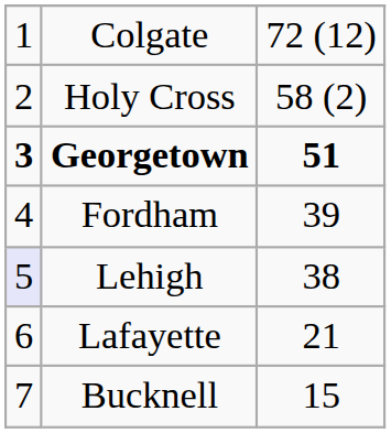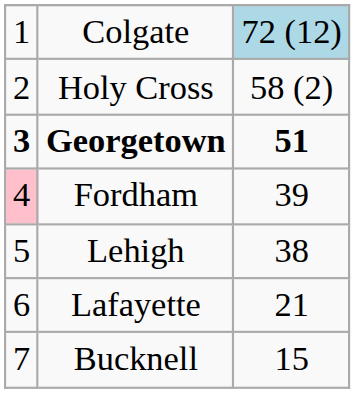 <table class="wikitable">
 <tr align="center">
 </tr>
 <tr align="center">
 <td>1</td>
 <td>Colgate</td>
-<td>72 (12)</td>
+<td style="background: lightblue;">72 (12)</td>
 </tr>
 <tr align="center">
 <td>2</td>
 <td>Holy Cross</td>
 <td>58 (2)</td>
 </tr>
 <tr align="center">
 <td><strong>3</strong></td>
 <td><strong>Georgetown</strong></td>
 <td><strong>51</strong></td>
 </tr>
 <tr align="center">
-<td>4</td>
+<td style="background: pink;">4</td>
 <td>Fordham</td>
 <td>39</td>
 </tr>
 <tr align="center">
-<td style="background: lavender;">5</td>
+<td>5</td>
 <td>Lehigh</td>
 <td>38</td>
 </tr>
 <tr align="center">
 <td>6</td>
 <td>Lafayette</td>
 <td>21</td>
 </tr>
 <tr align="center">
 <td>7</td>
 <td>Bucknell</td>
 <td>15</td>
 </tr>
 </table>
